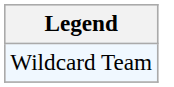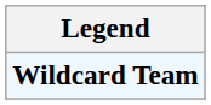 <table class="wikitable" style="font-size:90%">
 <tr>
 <th>Legend</th>
 </tr>
 <tr bgcolor="#F0F8FF">
-<td>Wildcard Team</td>
+<td><strong>Wildcard Team</strong></td>
 </tr>
 </table>
